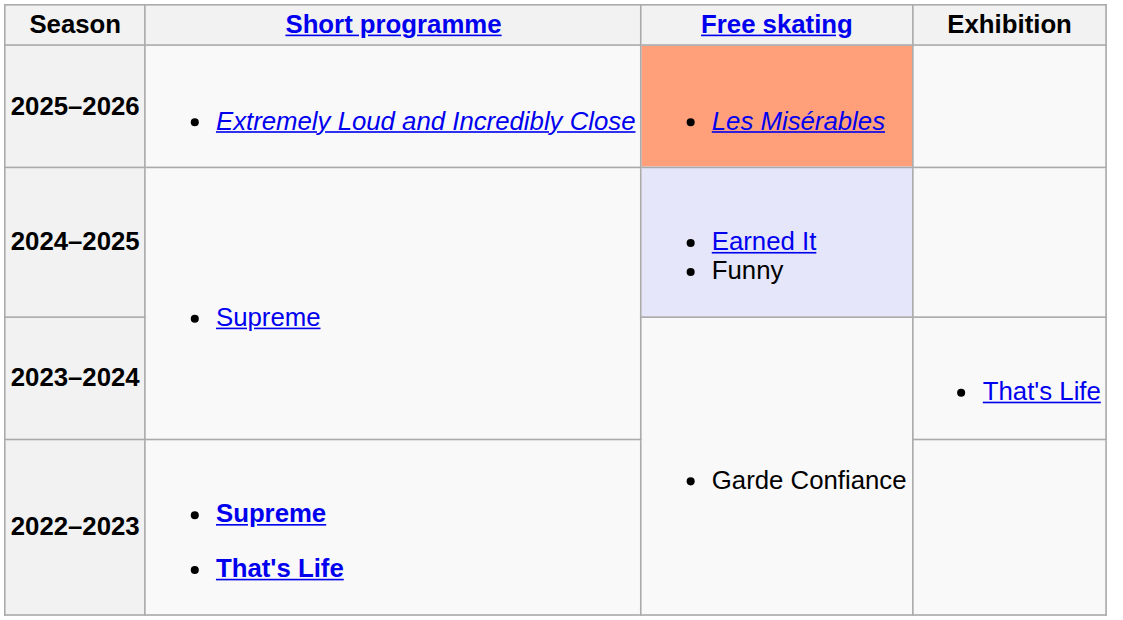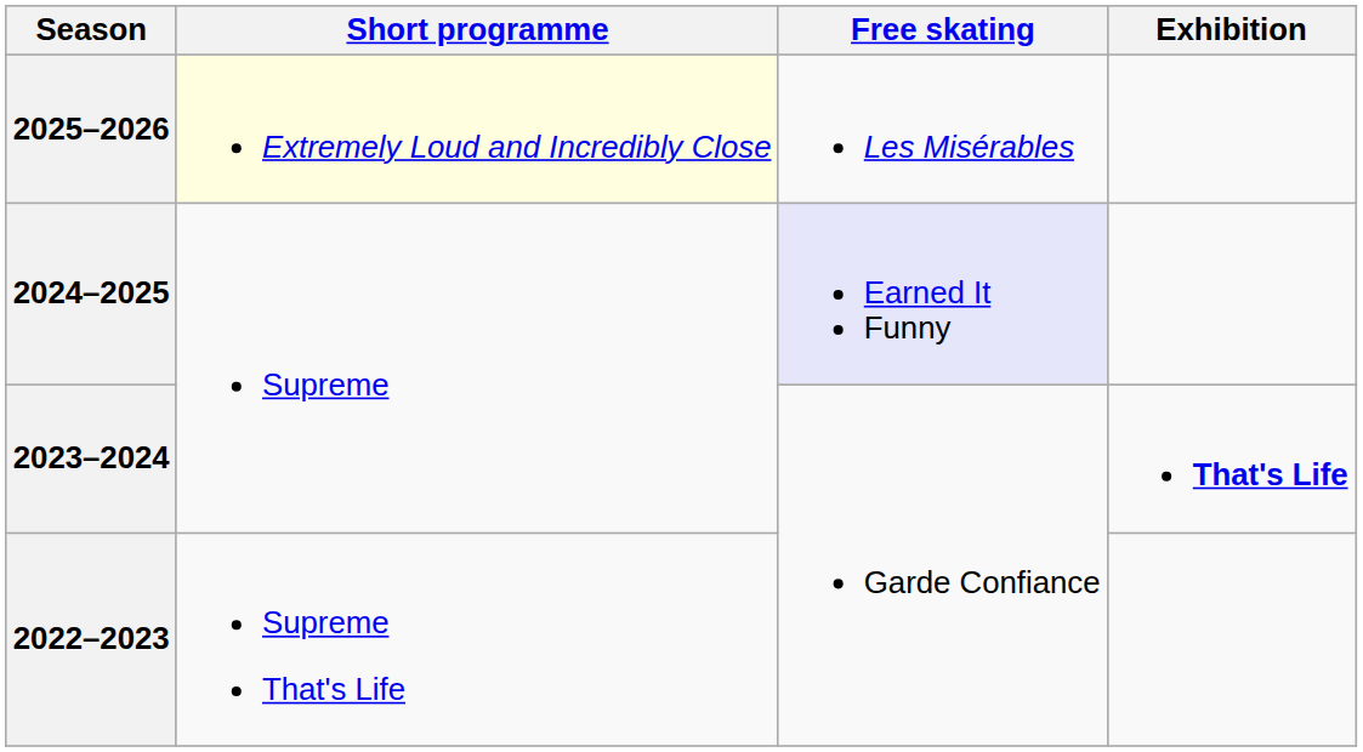 <table class="wikitable">
 <tr>
 <th>Season</th>
 <th><a href='#'>Short programme</a></th>
 <th><a href='#'>Free skating</a></th>
 <th>Exhibition</th>
 </tr>
 <tr>
 <th>2025–2026 <br> </th>
-<td><br><ul><li><em><a href='#'>Extremely Loud and Incredibly Close</a></em> <br> </li></ul></td>
-<td style="background: lightsalmon;"><br><ul><li><em><a href='#'>Les Misérables</a></em> <br></li></ul></td>
+<td style="background: lightyellow;"><br><ul><li><em><a href='#'>Extremely Loud and Incredibly Close</a></em> <br> </li></ul></td>
+<td><br><ul><li><em><a href='#'>Les Misérables</a></em> <br></li></ul></td>
 <td></td>
 </tr>
 <tr>
 <th>2024–2025 <br> </th>
 <td rowspan=2><br><ul><li><a href='#'>Supreme</a> <br> </li></ul></td>
 <td style="background: lavender;"><br><ul><li><a href='#'>Earned It</a> <br> </li><li>Funny <br> </li></ul></td>
 <td></td>
 </tr>
 <tr>
 <th>2023–2024 <br> </th>
 <td rowspan=2><br><ul><li>Garde Confiance <br>  </li></ul></td>
-<td><br><ul><li><a href='#'>That's Life</a> <br> </li></ul></td>
+<td><strong><br><ul><li><a href='#'>That's Life</a> <br> </li></ul></strong></td>
 </tr>
 <tr>
 <th>2022–2023 <br> </th>
-<td><strong><br><ul><li><a href='#'>Supreme</a> <br> </li></ul><ul><li><a href='#'>That's Life</a> <br> </li></ul></strong></td>
+<td><br><ul><li><a href='#'>Supreme</a> <br> </li></ul><ul><li><a href='#'>That's Life</a> <br> </li></ul></td>
 <td></td>
 </tr>
 </table>
